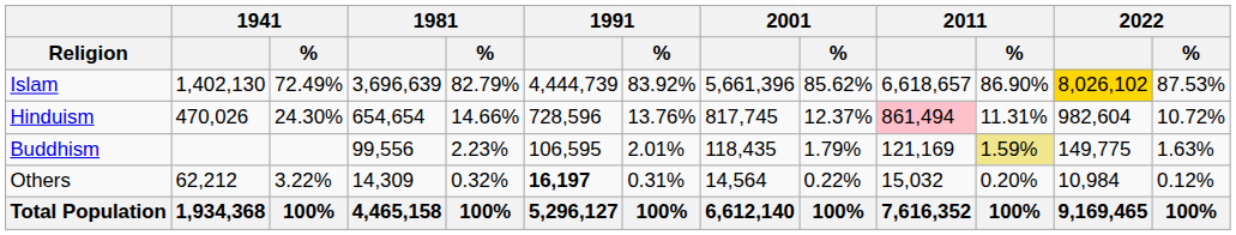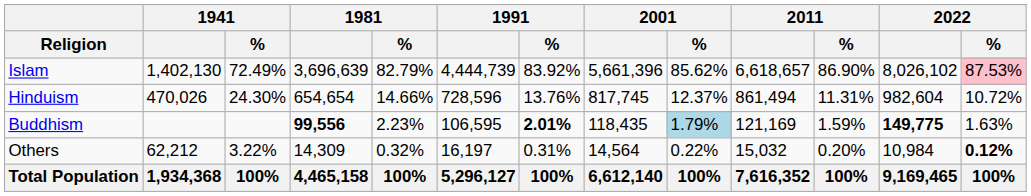 <table class="wikitable sortable">
 <tr>
 <th></th>
 <th colspan="2">1941</th>
 <th colspan="2">1981</th>
 <th colspan="2">1991</th>
 <th colspan="2">2001</th>
 <th colspan="2">2011</th>
 <th colspan="2">2022</th>
 </tr>
 <tr>
 <th>Religion</th>
 <th></th>
 <th>%</th>
 <th></th>
 <th>%</th>
 <th></th>
 <th>%</th>
 <th></th>
 <th>%</th>
 <th></th>
 <th>%</th>
 <th></th>
 <th>%</th>
 </tr>
 <tr>
 <td><a href='#'>Islam</a> </td>
 <td>1,402,130</td>
 <td>72.49%</td>
 <td>3,696,639</td>
 <td>82.79%</td>
 <td>4,444,739</td>
 <td>83.92%</td>
 <td>5,661,396</td>
 <td>85.62%</td>
 <td>6,618,657</td>
 <td>86.90%</td>
-<td style="background: gold;">8,026,102</td>
-<td>87.53%</td>
+<td>8,026,102</td>
+<td style="background: pink;">87.53%</td>
 </tr>
 <tr>
 <td><a href='#'>Hinduism</a> </td>
 <td>470,026</td>
 <td>24.30%</td>
 <td>654,654</td>
 <td>14.66%</td>
 <td>728,596</td>
 <td>13.76%</td>
 <td>817,745</td>
 <td>12.37%</td>
-<td style="background: pink;">861,494</td>
+<td>861,494</td>
 <td>11.31%</td>
 <td>982,604</td>
 <td>10.72%</td>
 </tr>
 <tr>
 <td><a href='#'>Buddhism</a> </td>
 <td></td>
 <td></td>
-<td>99,556</td>
+<td><strong>99,556</strong></td>
 <td>2.23%</td>
 <td>106,595</td>
-<td>2.01%</td>
+<td><strong>2.01%</strong></td>
 <td>118,435</td>
-<td>1.79%</td>
+<td style="background: lightblue;">1.79%</td>
 <td>121,169</td>
-<td style="background: khaki;">1.59%</td>
-<td>149,775</td>
+<td>1.59%</td>
+<td><strong>149,775</strong></td>
 <td>1.63%</td>
 </tr>
 <tr>
 <td>Others</td>
 <td>62,212</td>
 <td>3.22%</td>
 <td>14,309</td>
 <td>0.32%</td>
-<td><strong>16,197</strong></td>
+<td>16,197</td>
 <td>0.31%</td>
 <td>14,564</td>
 <td>0.22%</td>
 <td>15,032</td>
 <td>0.20%</td>
 <td>10,984</td>
-<td>0.12%</td>
+<td><strong>0.12%</strong></td>
 </tr>
 <tr>
 <th>Total Population</th>
 <th>1,934,368</th>
 <th>100%</th>
 <th><strong>4,465,158</strong></th>
 <th>100%</th>
 <th>5,296,127</th>
 <th>100%</th>
 <th>6,612,140</th>
 <th>100%</th>
 <th>7,616,352</th>
 <th>100%</th>
 <th>9,169,465</th>
 <th>100%</th>
 </tr>
 </table>
